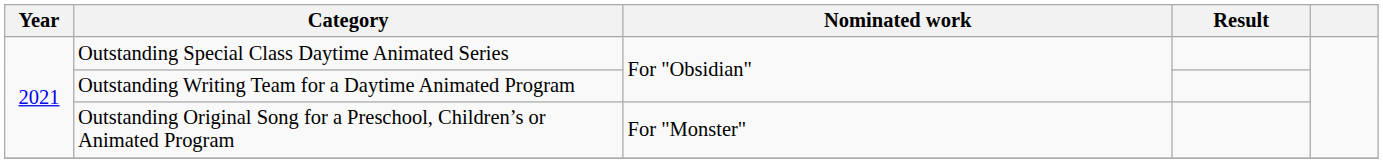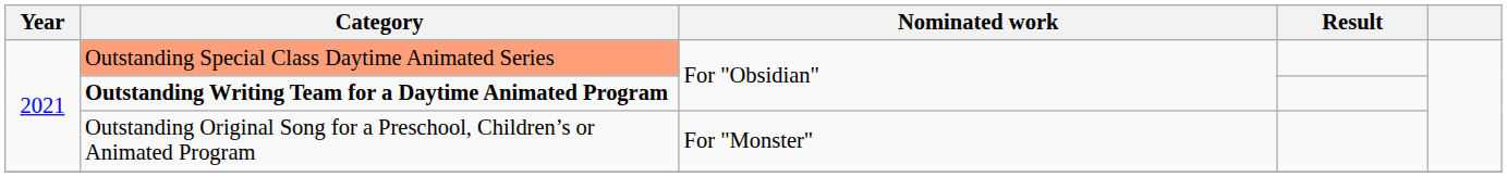 <table class="wikitable" style="width:85%;">
 <tr>
 <th width=5%>Year</th>
 <th style="width:40%;">Category</th>
 <th style="width:40%;">Nominated work</th>
 <th style="width:10%;">Result</th>
 <th width=5%></th>
 </tr>
 <tr>
 <td rowspan="3" style="text-align:center;"><a href='#'>2021</a></td>
-<td>Outstanding Special Class Daytime Animated Series</td>
+<td style="background: lightsalmon;">Outstanding Special Class Daytime Animated Series</td>
 <td rowspan="2">For "Obsidian"</td>
 <td></td>
 <td rowspan="3"></td>
 </tr>
 <tr>
-<td>Outstanding Writing Team for a Daytime Animated Program</td>
+<td><strong>Outstanding Writing Team for a Daytime Animated Program</strong></td>
 <td></td>
 </tr>
 <tr>
 <td>Outstanding Original Song for a Preschool, Children’s or Animated Program</td>
 <td>For "Monster"</td>
 <td></td>
 </tr>
 <tr>
 </tr>
 </table>
